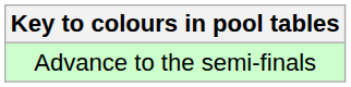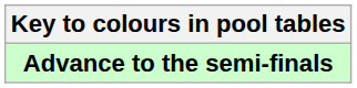 <table class="wikitable">
 <tr>
 <th>Key to colours in pool tables</th>
 </tr>
 <tr bgcolor=ccffcc>
-<td align=center>Advance to the semi-finals</td>
+<td align=center><strong>Advance to the semi-finals</strong></td>
 </tr>
 </table>
